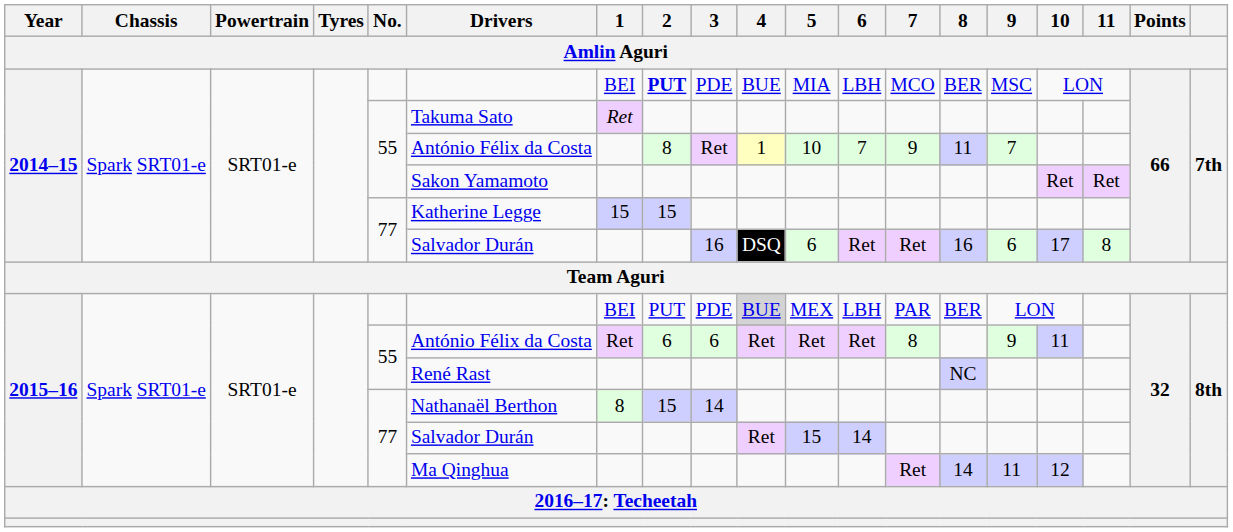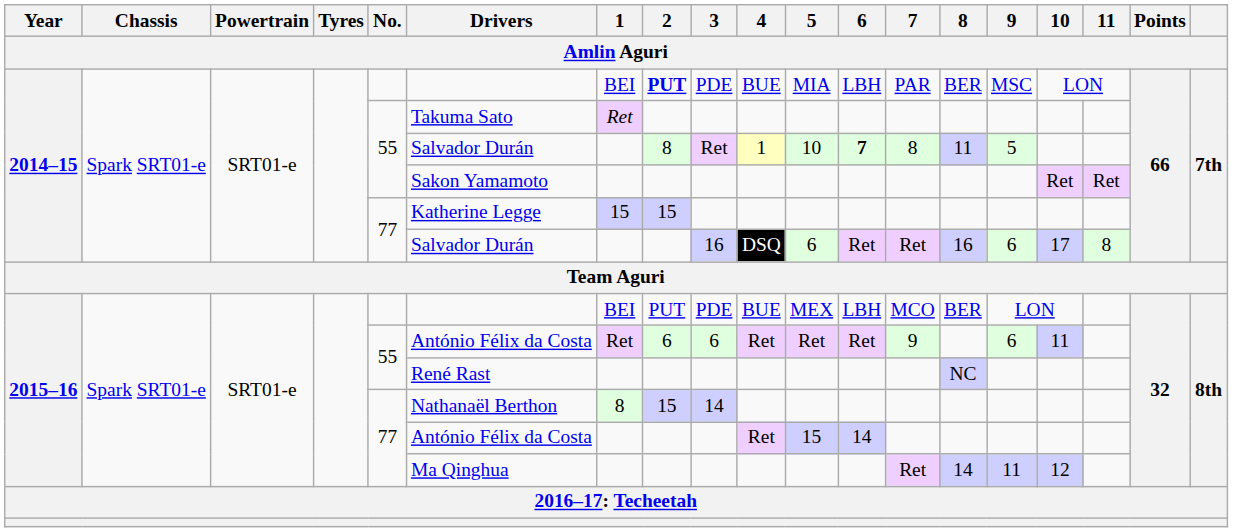 <table class="wikitable" style="font-size: 85%; text-align:center;">
 <tr valign="top">
 <th valign="middle">Year</th>
 <th valign="middle">Chassis</th>
 <th valign="middle">Powertrain</th>
 <th valign="middle">Tyres</th>
 <th valign="middle">No.</th>
 <th valign="middle">Drivers</th>
 <th style="width:26px;">1</th>
 <th style="width:26px;">2</th>
 <th style="width:26px;">3</th>
 <th style="width:26px;">4</th>
 <th style="width:26px;">5</th>
 <th style="width:26px;">6</th>
 <th style="width:26px;">7</th>
 <th style="width:26px;">8</th>
 <th style="width:26px;">9</th>
 <th style="width:26px;">10</th>
 <th style="width:26px;">11</th>
 <th valign="middle">Points</th>
 <th></th>
 </tr>
 <tr>
 <th colspan=19><a href='#'>Amlin</a> Aguri</th>
 </tr>
 <tr>
 <th rowspan=6><a href='#'>2014–15</a></th>
 <td rowspan=6><a href='#'>Spark</a> <a href='#'>SRT01-e</a></td>
 <td rowspan=6>SRT01-e</td>
 <td rowspan=6></td>
 <td></td>
 <td></td>
 <td><a href='#'>BEI</a></td>
 <td><strong><a href='#'>PUT</a></strong></td>
 <td><a href='#'>PDE</a></td>
 <td><a href='#'>BUE</a></td>
 <td><a href='#'>MIA</a></td>
 <td><a href='#'>LBH</a></td>
-<td><a href='#'>MCO</a></td>
+<td><a href='#'>PAR</a></td>
 <td><a href='#'>BER</a></td>
 <td><a href='#'>MSC</a></td>
 <td colspan=2><a href='#'>LON</a></td>
 <th rowspan=6>66</th>
 <th rowspan=6>7th</th>
 </tr>
 <tr>
 <td rowspan=3>55</td>
 <td align="left"> <a href='#'>Takuma Sato</a></td>
 <td style="background:#EFCFFF;"><em>Ret</em></td>
 <td></td>
 <td></td>
 <td></td>
 <td></td>
 <td></td>
 <td></td>
 <td></td>
 <td></td>
 <td></td>
 <td></td>
 </tr>
 <tr>
-<td align="left"> <a href='#'>António Félix da Costa</a></td>
+<td align="left"> <a href='#'>Salvador Durán</a></td>
 <td></td>
 <td style="background:#DFFFDF;">8</td>
 <td style="background:#EFCFFF;">Ret</td>
 <td style="background:#FFFFBF;">1</td>
 <td style="background:#DFFFDF;">10</td>
-<td style="background:#DFFFDF;">7</td>
-<td style="background:#DFFFDF;">9</td>
+<td style="background:#DFFFDF;"><strong>7</strong></td>
+<td style="background:#DFFFDF;">8</td>
 <td style="background:#CFCFFF;">11</td>
-<td style="background:#DFFFDF;">7</td>
+<td style="background:#DFFFDF;">5</td>
 <td></td>
 <td></td>
 </tr>
 <tr>
 <td align="left"> <a href='#'>Sakon Yamamoto</a></td>
 <td></td>
 <td></td>
 <td></td>
 <td></td>
 <td></td>
 <td></td>
 <td></td>
 <td></td>
 <td></td>
 <td style="background:#EFCFFF;">Ret</td>
 <td style="background:#EFCFFF;">Ret</td>
 </tr>
 <tr>
 <td rowspan =2>77</td>
 <td align="left"> <a href='#'>Katherine Legge</a></td>
 <td style="background:#CFCFFF;">15</td>
 <td style="background:#CFCFFF;">15</td>
 <td></td>
 <td></td>
 <td></td>
 <td></td>
 <td></td>
 <td></td>
 <td></td>
 <td></td>
 <td></td>
 </tr>
 <tr>
 <td align="left"> <a href='#'>Salvador Durán</a></td>
 <td></td>
 <td></td>
 <td style="background:#CFCFFF;">16</td>
 <td style="background:#000000; color:white;">DSQ</td>
 <td style="background:#DFFFDF;">6</td>
 <td style="background:#EFCFFF;">Ret</td>
 <td style="background:#EFCFFF;">Ret</td>
 <td style="background:#CFCFFF;">16</td>
 <td style="background:#DFFFDF;">6</td>
 <td style="background:#CFCFFF;">17</td>
 <td style="background:#DFFFDF;">8</td>
 </tr>
 <tr>
 <th colspan=19>Team Aguri</th>
 </tr>
 <tr>
 <th rowspan=6><a href='#'>2015–16</a></th>
 <td rowspan=6><a href='#'>Spark</a> <a href='#'>SRT01-e</a></td>
 <td rowspan=6>SRT01-e</td>
 <td rowspan=6></td>
 <td></td>
 <td></td>
 <td><a href='#'>BEI</a></td>
 <td><a href='#'>PUT</a></td>
 <td><a href='#'>PDE</a></td>
-<td style="background: lightgrey;"><a href='#'>BUE</a></td>
+<td><a href='#'>BUE</a></td>
 <td><a href='#'>MEX</a></td>
 <td><a href='#'>LBH</a></td>
-<td><a href='#'>PAR</a></td>
+<td><a href='#'>MCO</a></td>
 <td><a href='#'>BER</a></td>
 <td colspan=2><a href='#'>LON</a></td>
 <td></td>
 <th rowspan=6>32</th>
 <th rowspan=6>8th</th>
 </tr>
 <tr>
 <td rowspan=2>55</td>
 <td align="left"> <a href='#'>António Félix da Costa</a></td>
 <td style="background:#EFCFFF;">Ret</td>
 <td style="background:#DFFFDF;">6</td>
 <td style="background:#DFFFDF;">6</td>
 <td style="background:#EFCFFF;">Ret</td>
 <td style="background:#EFCFFF;">Ret</td>
 <td style="background:#EFCFFF;">Ret</td>
-<td style="background:#DFFFDF;">8</td>
+<td style="background:#DFFFDF;">9</td>
 <td></td>
-<td style="background:#DFFFDF;">9</td>
+<td style="background:#DFFFDF;">6</td>
 <td style="background:#CFCFFF;">11</td>
 <td></td>
 </tr>
 <tr>
 <td align="left"> <a href='#'>René Rast</a></td>
 <td></td>
 <td></td>
 <td></td>
 <td></td>
 <td></td>
 <td></td>
 <td></td>
 <td style="background:#CFCFFF;">NC</td>
 <td></td>
 <td></td>
 <td></td>
 </tr>
 <tr>
 <td rowspan=3>77</td>
 <td align="left"> <a href='#'>Nathanaël Berthon</a></td>
 <td style="background:#DFFFDF;">8</td>
 <td style="background:#CFCFFF;">15</td>
 <td style="background:#CFCFFF;">14</td>
 <td></td>
 <td></td>
 <td></td>
 <td></td>
 <td></td>
 <td></td>
 <td></td>
 <td></td>
 </tr>
 <tr>
-<td align="left"> <a href='#'>Salvador Durán</a></td>
+<td align="left"> <a href='#'>António Félix da Costa</a></td>
 <td></td>
 <td></td>
 <td></td>
 <td style="background:#EFCFFF;">Ret</td>
 <td style="background:#CFCFFF;">15</td>
 <td style="background:#CFCFFF;">14</td>
 <td></td>
 <td></td>
 <td></td>
 <td></td>
 <td></td>
 </tr>
 <tr>
 <td align="left"> <a href='#'>Ma Qinghua</a></td>
 <td></td>
 <td></td>
 <td></td>
 <td></td>
 <td></td>
 <td></td>
 <td style="background:#EFCFFF;">Ret</td>
 <td style="background:#CFCFFF;">14</td>
 <td style="background:#CFCFFF;">11</td>
 <td style="background:#CFCFFF;">12</td>
 <td></td>
 </tr>
 <tr>
 <th colspan=19><a href='#'>2016–17</a>: <a href='#'>Techeetah</a></th>
 </tr>
 <tr>
 <th colspan="19"></th>
 </tr>
 </table>
